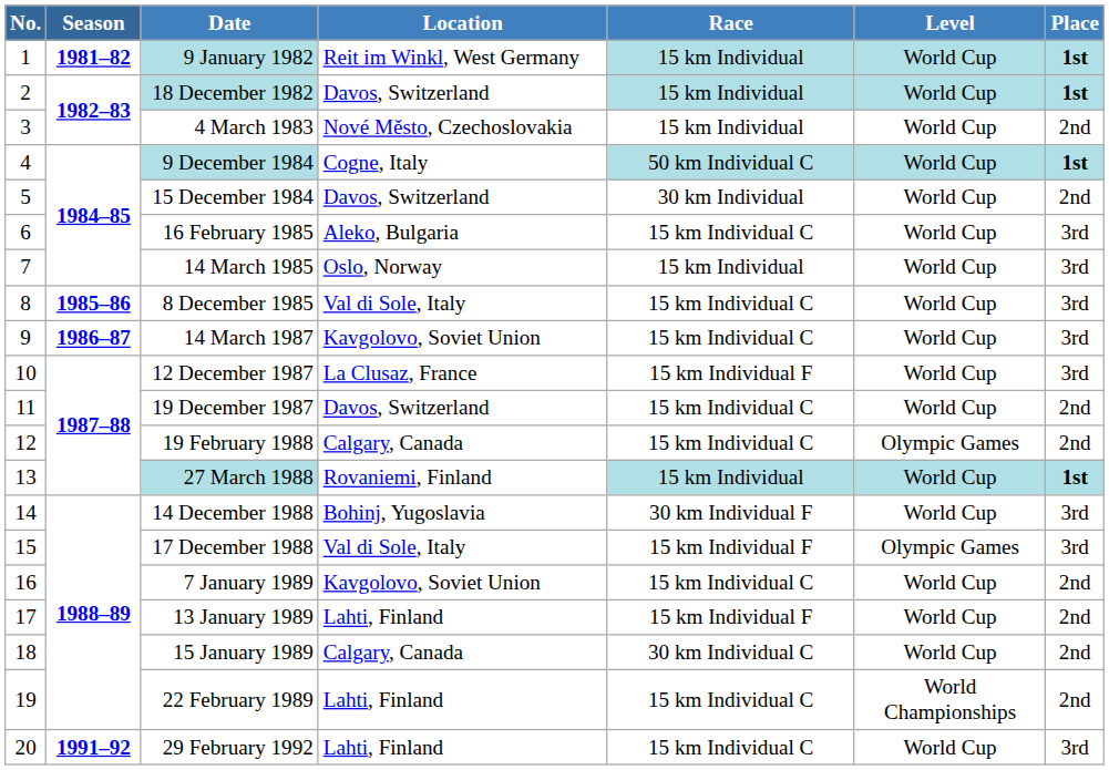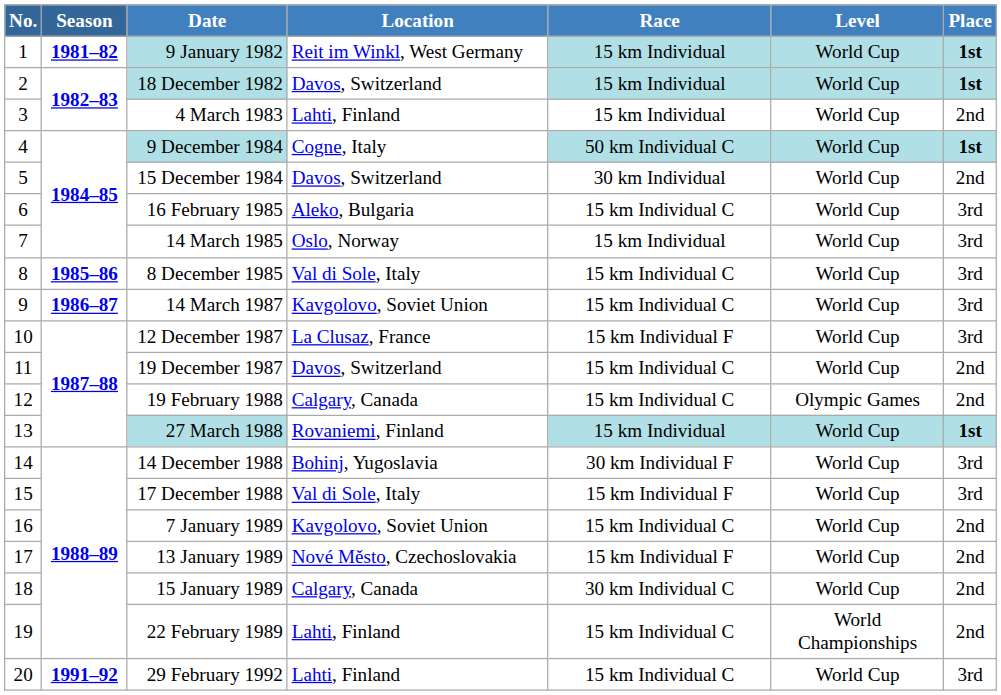 <table class="wikitable sortable" style="font-size:95%; text-align:center; border:grey solid 1px; border-collapse:collapse; background:#ffffff;">
 <tr style="background:#efefef;">
 <th style="background-color:#369; color:white;">No.</th>
 <th style="background-color:#369; color:white;">Season</th>
 <th style="background-color:#4180be; color:white; width:120px;">Date</th>
 <th style="background-color:#4180be; color:white; width:200px;">Location</th>
 <th style="background-color:#4180be; color:white; width:170px;">Race</th>
 <th style="background-color:#4180be; color:white; width:130px;">Level</th>
 <th style="background-color:#4180be; color:white;">Place</th>
 </tr>
 <tr>
 <td align=center>1</td>
 <td rowspan=1 align=center><strong><a href='#'>1981–82</a></strong></td>
 <td bgcolor="#BOEOE6" align=right>9 January 1982</td>
 <td align=left> <a href='#'>Reit im Winkl</a>, West Germany</td>
 <td bgcolor="#BOEOE6">15 km Individual</td>
 <td bgcolor="#BOEOE6">World Cup</td>
 <td bgcolor="#BOEOE6"><strong>1st</strong></td>
 </tr>
 <tr>
 <td align=center>2</td>
 <td rowspan=2 align=center><strong><a href='#'>1982–83</a></strong></td>
 <td bgcolor="#BOEOE6" align=right>18 December 1982</td>
 <td align=left> <a href='#'>Davos</a>, Switzerland</td>
 <td bgcolor="#BOEOE6">15 km Individual</td>
 <td bgcolor="#BOEOE6">World Cup</td>
 <td bgcolor="#BOEOE6"><strong>1st</strong></td>
 </tr>
 <tr>
 <td align=center>3</td>
 <td align=right>4 March 1983</td>
-<td align=left> <a href='#'>Nové Město</a>, Czechoslovakia</td>
+<td align=left> <a href='#'>Lahti</a>, Finland</td>
 <td>15 km Individual</td>
 <td>World Cup</td>
 <td>2nd</td>
 </tr>
 <tr>
 <td align=center>4</td>
 <td rowspan=4 align=center><strong><a href='#'>1984–85</a></strong></td>
 <td bgcolor="#BOEOE6" align=right>9 December 1984</td>
 <td align=left> <a href='#'>Cogne</a>, Italy</td>
 <td bgcolor="#BOEOE6">50 km Individual C</td>
 <td bgcolor="#BOEOE6">World Cup</td>
 <td bgcolor="#BOEOE6"><strong>1st</strong></td>
 </tr>
 <tr>
 <td align=center>5</td>
 <td align=right>15 December 1984</td>
 <td align=left> <a href='#'>Davos</a>, Switzerland</td>
 <td>30 km Individual</td>
 <td>World Cup</td>
 <td>2nd</td>
 </tr>
 <tr>
 <td align=center>6</td>
 <td align=right>16 February 1985</td>
 <td align=left> <a href='#'>Aleko</a>, Bulgaria</td>
 <td>15 km Individual C</td>
 <td>World Cup</td>
 <td>3rd</td>
 </tr>
 <tr>
 <td align=center>7</td>
 <td align=right>14 March 1985</td>
 <td align=left> <a href='#'>Oslo</a>, Norway</td>
 <td>15 km Individual</td>
 <td>World Cup</td>
 <td>3rd</td>
 </tr>
 <tr>
 <td align=center>8</td>
 <td rowspan=1 align=center><strong> <a href='#'>1985–86</a> </strong></td>
 <td align=right>8 December 1985</td>
 <td align=left> <a href='#'>Val di Sole</a>, Italy</td>
 <td>15 km Individual C</td>
 <td>World Cup</td>
 <td>3rd</td>
 </tr>
 <tr>
 <td align=center>9</td>
 <td rowspan=1 align=center><strong> <a href='#'>1986–87</a> </strong></td>
 <td align=right>14 March 1987</td>
 <td align=left> <a href='#'>Kavgolovo</a>, Soviet Union</td>
 <td>15 km Individual C</td>
 <td>World Cup</td>
 <td>3rd</td>
 </tr>
 <tr>
 <td align=center>10</td>
 <td rowspan=4 align=center><strong> <a href='#'>1987–88</a> </strong></td>
 <td align=right>12 December 1987</td>
 <td align=left> <a href='#'>La Clusaz</a>, France</td>
 <td>15 km Individual F</td>
 <td>World Cup</td>
 <td>3rd</td>
 </tr>
 <tr>
 <td align=center>11</td>
 <td align=right>19 December 1987</td>
 <td align=left> <a href='#'>Davos</a>, Switzerland</td>
 <td>15 km Individual C</td>
 <td>World Cup</td>
 <td>2nd</td>
 </tr>
 <tr>
 <td align=center>12</td>
 <td align=right>19 February 1988</td>
 <td align=left> <a href='#'>Calgary</a>, Canada</td>
 <td>15 km Individual C</td>
 <td>Olympic Games</td>
 <td>2nd</td>
 </tr>
 <tr>
 <td align=center>13</td>
 <td bgcolor="#BOEOE6" align=right>27 March 1988</td>
 <td align=left> <a href='#'>Rovaniemi</a>, Finland</td>
 <td bgcolor="#BOEOE6">15 km Individual</td>
 <td bgcolor="#BOEOE6">World Cup</td>
 <td bgcolor="#BOEOE6"><strong>1st</strong></td>
 </tr>
 <tr>
 <td align=center>14</td>
 <td rowspan=6 align=center><strong> <a href='#'>1988–89</a> </strong></td>
 <td align=right>14 December 1988</td>
 <td align=left> <a href='#'>Bohinj</a>, Yugoslavia</td>
 <td>30 km Individual F</td>
 <td>World Cup</td>
 <td>3rd</td>
 </tr>
 <tr>
 <td align=center>15</td>
 <td align=right>17 December 1988</td>
 <td align=left> <a href='#'>Val di Sole</a>, Italy</td>
 <td>15 km Individual F</td>
-<td>Olympic Games</td>
+<td>World Cup</td>
 <td>3rd</td>
 </tr>
 <tr>
 <td align=center>16</td>
 <td align=right>7 January 1989</td>
 <td align=left> <a href='#'>Kavgolovo</a>, Soviet Union</td>
 <td>15 km Individual C</td>
 <td>World Cup</td>
 <td>2nd</td>
 </tr>
 <tr>
 <td align=center>17</td>
 <td align=right>13 January 1989</td>
-<td align=left> <a href='#'>Lahti</a>, Finland</td>
+<td align=left> <a href='#'>Nové Město</a>, Czechoslovakia</td>
 <td>15 km Individual F</td>
 <td>World Cup</td>
 <td>2nd</td>
 </tr>
 <tr>
 <td align=center>18</td>
 <td align=right>15 January 1989</td>
 <td align=left> <a href='#'>Calgary</a>, Canada</td>
 <td>30 km Individual C</td>
 <td>World Cup</td>
 <td>2nd</td>
 </tr>
 <tr>
 <td align=center>19</td>
 <td align=right>22 February 1989</td>
 <td align=left> <a href='#'>Lahti</a>, Finland</td>
 <td>15 km Individual C</td>
 <td>World Championships</td>
 <td>2nd</td>
 </tr>
 <tr>
 <td align=center>20</td>
 <td rowspan=1 align=center><strong> <a href='#'>1991–92</a> </strong></td>
 <td align=right>29 February 1992</td>
 <td align=left> <a href='#'>Lahti</a>, Finland</td>
 <td>15 km Individual C</td>
 <td>World Cup</td>
 <td>3rd</td>
 </tr>
 </table>
